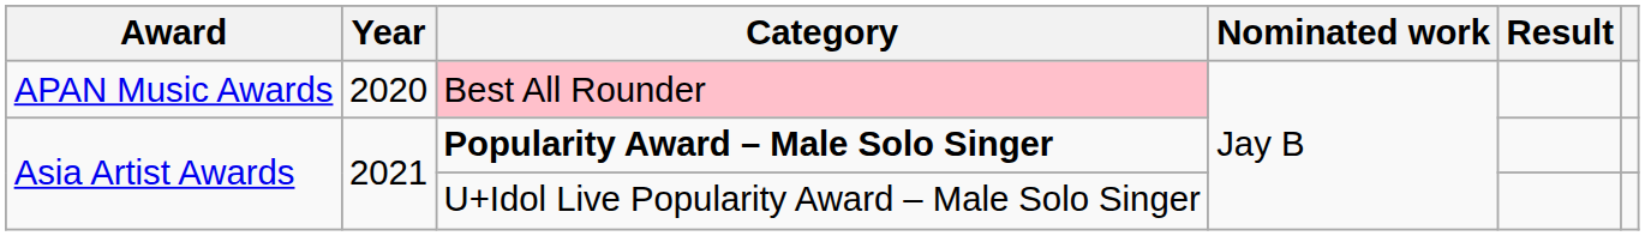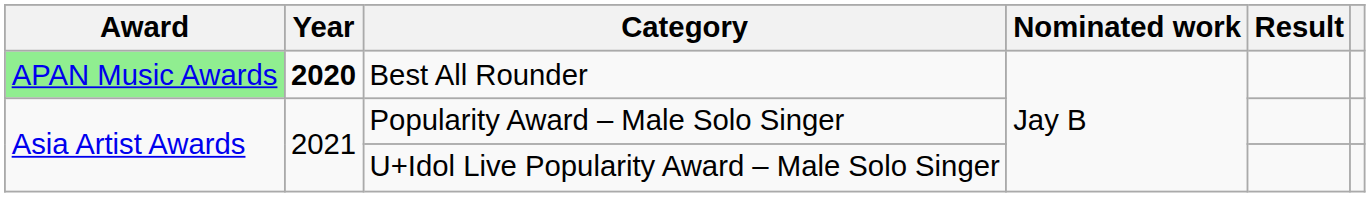 <table class="wikitable sortable">
 <tr>
 <th>Award</th>
 <th>Year</th>
 <th>Category</th>
 <th>Nominated work</th>
 <th>Result</th>
 <th class="unsortable"></th>
 </tr>
 <tr>
-<td><a href='#'>APAN Music Awards</a></td>
-<td>2020</td>
-<td style="background: pink;">Best All Rounder</td>
+<td style="background: lightgreen;"><a href='#'>APAN Music Awards</a></td>
+<td><strong>2020</strong></td>
+<td>Best All Rounder</td>
 <td rowspan="3">Jay B</td>
 <td></td>
 <td></td>
 </tr>
 <tr>
 <td rowspan="2"><a href='#'>Asia Artist Awards</a></td>
 <td rowspan="2">2021</td>
-<td><strong>Popularity Award – Male Solo Singer</strong></td>
+<td>Popularity Award – Male Solo Singer</td>
 <td></td>
 <td></td>
 </tr>
 <tr>
 <td>U+Idol Live Popularity Award – Male Solo Singer</td>
 <td></td>
 <td></td>
 </tr>
 </table>
